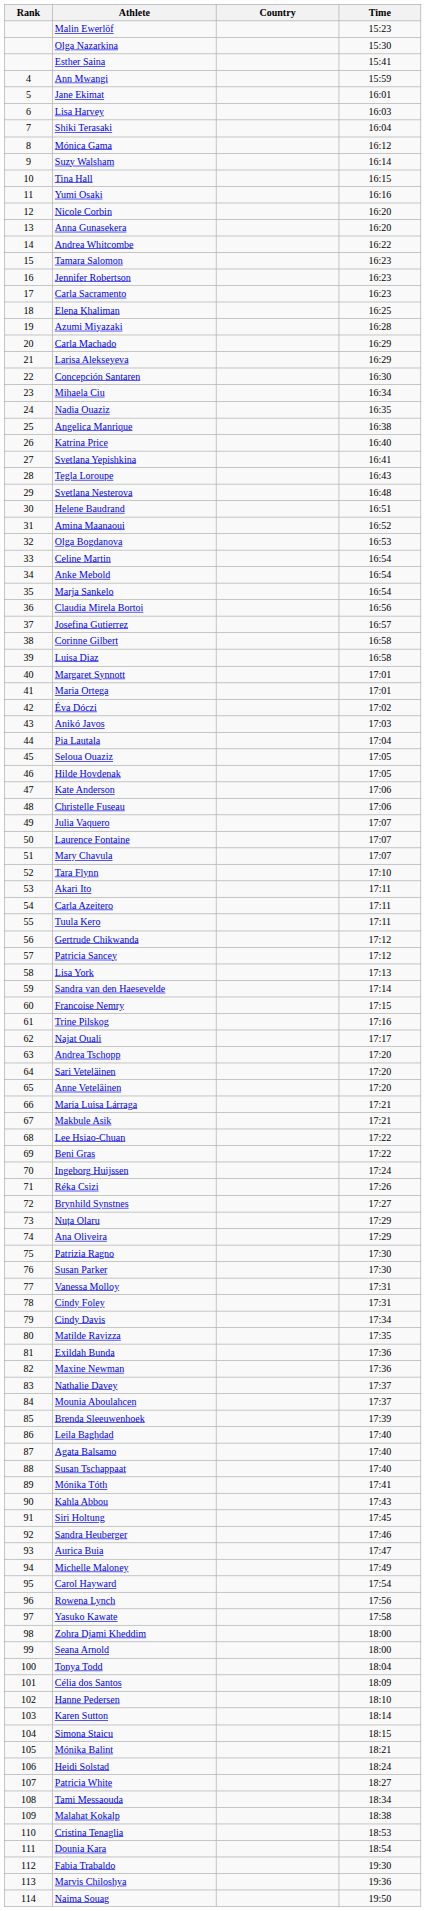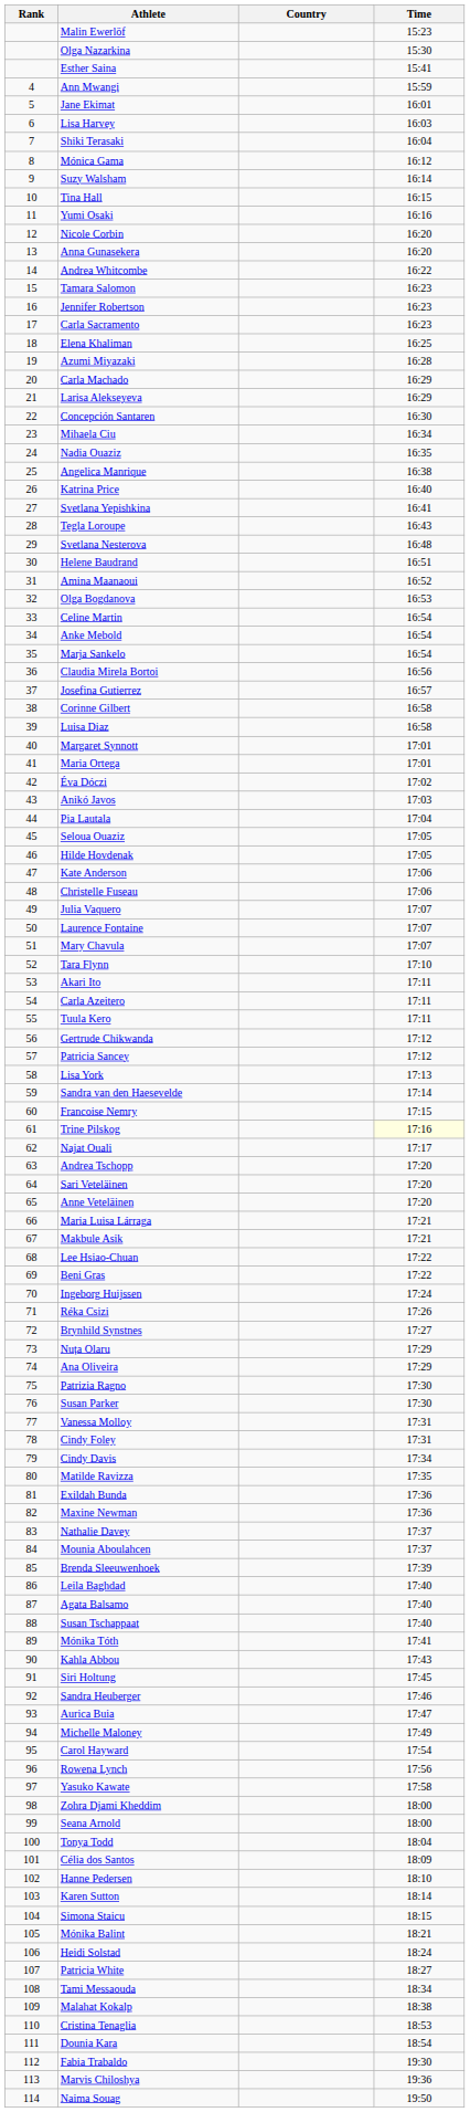 <table class="wikitable sortable" style=" text-align:center; font-size:95%;" width="50%">
 <tr>
 <th width=5%>Rank</th>
 <th width=20%>Athlete</th>
 <th width=15%>Country</th>
 <th width=10%>Time</th>
 </tr>
 <tr>
 <td align=center></td>
 <td align=left><a href='#'>Malin Ewerlöf</a></td>
 <td align=left></td>
 <td>15:23</td>
 </tr>
 <tr>
 <td align=center></td>
 <td align=left><a href='#'>Olga Nazarkina</a></td>
 <td align=left></td>
 <td>15:30</td>
 </tr>
 <tr>
 <td align=center></td>
 <td align=left><a href='#'>Esther Saina</a></td>
 <td align=left></td>
 <td>15:41</td>
 </tr>
 <tr>
 <td align=center>4</td>
 <td align=left><a href='#'>Ann Mwangi</a></td>
 <td align=left></td>
 <td>15:59</td>
 </tr>
 <tr>
 <td align=center>5</td>
 <td align=left><a href='#'>Jane Ekimat</a></td>
 <td align=left></td>
 <td>16:01</td>
 </tr>
 <tr>
 <td align=center>6</td>
 <td align=left><a href='#'>Lisa Harvey</a></td>
 <td align=left></td>
 <td>16:03</td>
 </tr>
 <tr>
 <td align=center>7</td>
 <td align=left><a href='#'>Shiki Terasaki</a></td>
 <td align=left></td>
 <td>16:04</td>
 </tr>
 <tr>
 <td align=center>8</td>
 <td align=left><a href='#'>Mónica Gama</a></td>
 <td align=left></td>
 <td>16:12</td>
 </tr>
 <tr>
 <td align=center>9</td>
 <td align=left><a href='#'>Suzy Walsham</a></td>
 <td align=left></td>
 <td>16:14</td>
 </tr>
 <tr>
 <td align=center>10</td>
 <td align=left><a href='#'>Tina Hall</a></td>
 <td align=left></td>
 <td>16:15</td>
 </tr>
 <tr>
 <td align=center>11</td>
 <td align=left><a href='#'>Yumi Osaki</a></td>
 <td align=left></td>
 <td>16:16</td>
 </tr>
 <tr>
 <td align=center>12</td>
 <td align=left><a href='#'>Nicole Corbin</a></td>
 <td align=left></td>
 <td>16:20</td>
 </tr>
 <tr>
 <td align=center>13</td>
 <td align=left><a href='#'>Anna Gunasekera</a></td>
 <td align=left></td>
 <td>16:20</td>
 </tr>
 <tr>
 <td align=center>14</td>
 <td align=left><a href='#'>Andrea Whitcombe</a></td>
 <td align=left></td>
 <td>16:22</td>
 </tr>
 <tr>
 <td align=center>15</td>
 <td align=left><a href='#'>Tamara Salomon</a></td>
 <td align=left></td>
 <td>16:23</td>
 </tr>
 <tr>
 <td align=center>16</td>
 <td align=left><a href='#'>Jennifer Robertson</a></td>
 <td align=left></td>
 <td>16:23</td>
 </tr>
 <tr>
 <td align=center>17</td>
 <td align=left><a href='#'>Carla Sacramento</a></td>
 <td align=left></td>
 <td>16:23</td>
 </tr>
 <tr>
 <td align=center>18</td>
 <td align=left><a href='#'>Elena Khaliman</a></td>
 <td align=left></td>
 <td>16:25</td>
 </tr>
 <tr>
 <td align=center>19</td>
 <td align=left><a href='#'>Azumi Miyazaki</a></td>
 <td align=left></td>
 <td>16:28</td>
 </tr>
 <tr>
 <td align=center>20</td>
 <td align=left><a href='#'>Carla Machado</a></td>
 <td align=left></td>
 <td>16:29</td>
 </tr>
 <tr>
 <td align=center>21</td>
 <td align=left><a href='#'>Larisa Alekseyeva</a></td>
 <td align=left></td>
 <td>16:29</td>
 </tr>
 <tr>
 <td align=center>22</td>
 <td align=left><a href='#'>Concepción Santaren</a></td>
 <td align=left></td>
 <td>16:30</td>
 </tr>
 <tr>
 <td align=center>23</td>
 <td align=left><a href='#'>Mihaela Ciu</a></td>
 <td align=left></td>
 <td>16:34</td>
 </tr>
 <tr>
 <td align=center>24</td>
 <td align=left><a href='#'>Nadia Ouaziz</a></td>
 <td align=left></td>
 <td>16:35</td>
 </tr>
 <tr>
 <td align=center>25</td>
 <td align=left><a href='#'>Angelica Manrique</a></td>
 <td align=left></td>
 <td>16:38</td>
 </tr>
 <tr>
 <td align=center>26</td>
 <td align=left><a href='#'>Katrina Price</a></td>
 <td align=left></td>
 <td>16:40</td>
 </tr>
 <tr>
 <td align=center>27</td>
 <td align=left><a href='#'>Svetlana Yepishkina</a></td>
 <td align=left></td>
 <td>16:41</td>
 </tr>
 <tr>
 <td align=center>28</td>
 <td align=left><a href='#'>Tegla Loroupe</a></td>
 <td align=left></td>
 <td>16:43</td>
 </tr>
 <tr>
 <td align=center>29</td>
 <td align=left><a href='#'>Svetlana Nesterova</a></td>
 <td align=left></td>
 <td>16:48</td>
 </tr>
 <tr>
 <td align=center>30</td>
 <td align=left><a href='#'>Helene Baudrand</a></td>
 <td align=left></td>
 <td>16:51</td>
 </tr>
 <tr>
 <td align=center>31</td>
 <td align=left><a href='#'>Amina Maanaoui</a></td>
 <td align=left></td>
 <td>16:52</td>
 </tr>
 <tr>
 <td align=center>32</td>
 <td align=left><a href='#'>Olga Bogdanova</a></td>
 <td align=left></td>
 <td>16:53</td>
 </tr>
 <tr>
 <td align=center>33</td>
 <td align=left><a href='#'>Celine Martin</a></td>
 <td align=left></td>
 <td>16:54</td>
 </tr>
 <tr>
 <td align=center>34</td>
 <td align=left><a href='#'>Anke Mebold</a></td>
 <td align=left></td>
 <td>16:54</td>
 </tr>
 <tr>
 <td align=center>35</td>
 <td align=left><a href='#'>Marja Sankelo</a></td>
 <td align=left></td>
 <td>16:54</td>
 </tr>
 <tr>
 <td align=center>36</td>
 <td align=left><a href='#'>Claudia Mirela Bortoi</a></td>
 <td align=left></td>
 <td>16:56</td>
 </tr>
 <tr>
 <td align=center>37</td>
 <td align=left><a href='#'>Josefina Gutierrez</a></td>
 <td align=left></td>
 <td>16:57</td>
 </tr>
 <tr>
 <td align=center>38</td>
 <td align=left><a href='#'>Corinne Gilbert</a></td>
 <td align=left></td>
 <td>16:58</td>
 </tr>
 <tr>
 <td align=center>39</td>
 <td align=left><a href='#'>Luisa Diaz</a></td>
 <td align=left></td>
 <td>16:58</td>
 </tr>
 <tr>
 <td align=center>40</td>
 <td align=left><a href='#'>Margaret Synnott</a></td>
 <td align=left></td>
 <td>17:01</td>
 </tr>
 <tr>
 <td align=center>41</td>
 <td align=left><a href='#'>Maria Ortega</a></td>
 <td align=left></td>
 <td>17:01</td>
 </tr>
 <tr>
 <td align=center>42</td>
 <td align=left><a href='#'>Éva Dóczi</a></td>
 <td align=left></td>
 <td>17:02</td>
 </tr>
 <tr>
 <td align=center>43</td>
 <td align=left><a href='#'>Anikó Javos</a></td>
 <td align=left></td>
 <td>17:03</td>
 </tr>
 <tr>
 <td align=center>44</td>
 <td align=left><a href='#'>Pia Lautala</a></td>
 <td align=left></td>
 <td>17:04</td>
 </tr>
 <tr>
 <td align=center>45</td>
 <td align=left><a href='#'>Seloua Ouaziz</a></td>
 <td align=left></td>
 <td>17:05</td>
 </tr>
 <tr>
 <td align=center>46</td>
 <td align=left><a href='#'>Hilde Hovdenak</a></td>
 <td align=left></td>
 <td>17:05</td>
 </tr>
 <tr>
 <td align=center>47</td>
 <td align=left><a href='#'>Kate Anderson</a></td>
 <td align=left></td>
 <td>17:06</td>
 </tr>
 <tr>
 <td align=center>48</td>
 <td align=left><a href='#'>Christelle Fuseau</a></td>
 <td align=left></td>
 <td>17:06</td>
 </tr>
 <tr>
 <td align=center>49</td>
 <td align=left><a href='#'>Julia Vaquero</a></td>
 <td align=left></td>
 <td>17:07</td>
 </tr>
 <tr>
 <td align=center>50</td>
 <td align=left><a href='#'>Laurence Fontaine</a></td>
 <td align=left></td>
 <td>17:07</td>
 </tr>
 <tr>
 <td align=center>51</td>
 <td align=left><a href='#'>Mary Chavula</a></td>
 <td align=left></td>
 <td>17:07</td>
 </tr>
 <tr>
 <td align=center>52</td>
 <td align=left><a href='#'>Tara Flynn</a></td>
 <td align=left></td>
 <td>17:10</td>
 </tr>
 <tr>
 <td align=center>53</td>
 <td align=left><a href='#'>Akari Ito</a></td>
 <td align=left></td>
 <td>17:11</td>
 </tr>
 <tr>
 <td align=center>54</td>
 <td align=left><a href='#'>Carla Azeitero</a></td>
 <td align=left></td>
 <td>17:11</td>
 </tr>
 <tr>
 <td align=center>55</td>
 <td align=left><a href='#'>Tuula Kero</a></td>
 <td align=left></td>
 <td>17:11</td>
 </tr>
 <tr>
 <td align=center>56</td>
 <td align=left><a href='#'>Gertrude Chikwanda</a></td>
 <td align=left></td>
 <td>17:12</td>
 </tr>
 <tr>
 <td align=center>57</td>
 <td align=left><a href='#'>Patricia Sancey</a></td>
 <td align=left></td>
 <td>17:12</td>
 </tr>
 <tr>
 <td align=center>58</td>
 <td align=left><a href='#'>Lisa York</a></td>
 <td align=left></td>
 <td>17:13</td>
 </tr>
 <tr>
 <td align=center>59</td>
 <td align=left><a href='#'>Sandra van den Haesevelde</a></td>
 <td align=left></td>
 <td>17:14</td>
 </tr>
 <tr>
 <td align=center>60</td>
 <td align=left><a href='#'>Francoise Nemry</a></td>
 <td align=left></td>
 <td>17:15</td>
 </tr>
 <tr>
 <td align=center>61</td>
 <td align=left><a href='#'>Trine Pilskog</a></td>
 <td align=left></td>
-<td>17:16</td>
+<td style="background: lightyellow;">17:16</td>
 </tr>
 <tr>
 <td align=center>62</td>
 <td align=left><a href='#'>Najat Ouali</a></td>
 <td align=left></td>
 <td>17:17</td>
 </tr>
 <tr>
 <td align=center>63</td>
 <td align=left><a href='#'>Andrea Tschopp</a></td>
 <td align=left></td>
 <td>17:20</td>
 </tr>
 <tr>
 <td align=center>64</td>
 <td align=left><a href='#'>Sari Veteläinen</a></td>
 <td align=left></td>
 <td>17:20</td>
 </tr>
 <tr>
 <td align=center>65</td>
 <td align=left><a href='#'>Anne Veteläinen</a></td>
 <td align=left></td>
 <td>17:20</td>
 </tr>
 <tr>
 <td align=center>66</td>
 <td align=left><a href='#'>Maria Luisa Lárraga</a></td>
 <td align=left></td>
 <td>17:21</td>
 </tr>
 <tr>
 <td align=center>67</td>
 <td align=left><a href='#'>Makbule Asik</a></td>
 <td align=left></td>
 <td>17:21</td>
 </tr>
 <tr>
 <td align=center>68</td>
 <td align=left><a href='#'>Lee Hsiao-Chuan</a></td>
 <td align=left></td>
 <td>17:22</td>
 </tr>
 <tr>
 <td align=center>69</td>
 <td align=left><a href='#'>Beni Gras</a></td>
 <td align=left></td>
 <td>17:22</td>
 </tr>
 <tr>
 <td align=center>70</td>
 <td align=left><a href='#'>Ingeborg Huijssen</a></td>
 <td align=left></td>
 <td>17:24</td>
 </tr>
 <tr>
 <td align=center>71</td>
 <td align=left><a href='#'>Réka Csizi</a></td>
 <td align=left></td>
 <td>17:26</td>
 </tr>
 <tr>
 <td align=center>72</td>
 <td align=left><a href='#'>Brynhild Synstnes</a></td>
 <td align=left></td>
 <td>17:27</td>
 </tr>
 <tr>
 <td align=center>73</td>
 <td align=left><a href='#'>Nuța Olaru</a></td>
 <td align=left></td>
 <td>17:29</td>
 </tr>
 <tr>
 <td align=center>74</td>
 <td align=left><a href='#'>Ana Oliveira</a></td>
 <td align=left></td>
 <td>17:29</td>
 </tr>
 <tr>
 <td align=center>75</td>
 <td align=left><a href='#'>Patrizia Ragno</a></td>
 <td align=left></td>
 <td>17:30</td>
 </tr>
 <tr>
 <td align=center>76</td>
 <td align=left><a href='#'>Susan Parker</a></td>
 <td align=left></td>
 <td>17:30</td>
 </tr>
 <tr>
 <td align=center>77</td>
 <td align=left><a href='#'>Vanessa Molloy</a></td>
 <td align=left></td>
 <td>17:31</td>
 </tr>
 <tr>
 <td align=center>78</td>
 <td align=left><a href='#'>Cindy Foley</a></td>
 <td align=left></td>
 <td>17:31</td>
 </tr>
 <tr>
 <td align=center>79</td>
 <td align=left><a href='#'>Cindy Davis</a></td>
 <td align=left></td>
 <td>17:34</td>
 </tr>
 <tr>
 <td align=center>80</td>
 <td align=left><a href='#'>Matilde Ravizza</a></td>
 <td align=left></td>
 <td>17:35</td>
 </tr>
 <tr>
 <td align=center>81</td>
 <td align=left><a href='#'>Exildah Bunda</a></td>
 <td align=left></td>
 <td>17:36</td>
 </tr>
 <tr>
 <td align=center>82</td>
 <td align=left><a href='#'>Maxine Newman</a></td>
 <td align=left></td>
 <td>17:36</td>
 </tr>
 <tr>
 <td align=center>83</td>
 <td align=left><a href='#'>Nathalie Davey</a></td>
 <td align=left></td>
 <td>17:37</td>
 </tr>
 <tr>
 <td align=center>84</td>
 <td align=left><a href='#'>Mounia Aboulahcen</a></td>
 <td align=left></td>
 <td>17:37</td>
 </tr>
 <tr>
 <td align=center>85</td>
 <td align=left><a href='#'>Brenda Sleeuwenhoek</a></td>
 <td align=left></td>
 <td>17:39</td>
 </tr>
 <tr>
 <td align=center>86</td>
 <td align=left><a href='#'>Leila Baghdad</a></td>
 <td align=left></td>
 <td>17:40</td>
 </tr>
 <tr>
 <td align=center>87</td>
 <td align=left><a href='#'>Agata Balsamo</a></td>
 <td align=left></td>
 <td>17:40</td>
 </tr>
 <tr>
 <td align=center>88</td>
 <td align=left><a href='#'>Susan Tschappaat</a></td>
 <td align=left></td>
 <td>17:40</td>
 </tr>
 <tr>
 <td align=center>89</td>
 <td align=left><a href='#'>Mónika Tóth</a></td>
 <td align=left></td>
 <td>17:41</td>
 </tr>
 <tr>
 <td align=center>90</td>
 <td align=left><a href='#'>Kahla Abbou</a></td>
 <td align=left></td>
 <td>17:43</td>
 </tr>
 <tr>
 <td align=center>91</td>
 <td align=left><a href='#'>Siri Holtung</a></td>
 <td align=left></td>
 <td>17:45</td>
 </tr>
 <tr>
 <td align=center>92</td>
 <td align=left><a href='#'>Sandra Heuberger</a></td>
 <td align=left></td>
 <td>17:46</td>
 </tr>
 <tr>
 <td align=center>93</td>
 <td align=left><a href='#'>Aurica Buia</a></td>
 <td align=left></td>
 <td>17:47</td>
 </tr>
 <tr>
 <td align=center>94</td>
 <td align=left><a href='#'>Michelle Maloney</a></td>
 <td align=left></td>
 <td>17:49</td>
 </tr>
 <tr>
 <td align=center>95</td>
 <td align=left><a href='#'>Carol Hayward</a></td>
 <td align=left></td>
 <td>17:54</td>
 </tr>
 <tr>
 <td align=center>96</td>
 <td align=left><a href='#'>Rowena Lynch</a></td>
 <td align=left></td>
 <td>17:56</td>
 </tr>
 <tr>
 <td align=center>97</td>
 <td align=left><a href='#'>Yasuko Kawate</a></td>
 <td align=left></td>
 <td>17:58</td>
 </tr>
 <tr>
 <td align=center>98</td>
 <td align=left><a href='#'>Zohra Djami Kheddim</a></td>
 <td align=left></td>
 <td>18:00</td>
 </tr>
 <tr>
 <td align=center>99</td>
 <td align=left><a href='#'>Seana Arnold</a></td>
 <td align=left></td>
 <td>18:00</td>
 </tr>
 <tr>
 <td align=center>100</td>
 <td align=left><a href='#'>Tonya Todd</a></td>
 <td align=left></td>
 <td>18:04</td>
 </tr>
 <tr>
 <td align=center>101</td>
 <td align=left><a href='#'>Célia dos Santos</a></td>
 <td align=left></td>
 <td>18:09</td>
 </tr>
 <tr>
 <td align=center>102</td>
 <td align=left><a href='#'>Hanne Pedersen</a></td>
 <td align=left></td>
 <td>18:10</td>
 </tr>
 <tr>
 <td align=center>103</td>
 <td align=left><a href='#'>Karen Sutton</a></td>
 <td align=left></td>
 <td>18:14</td>
 </tr>
 <tr>
 <td align=center>104</td>
 <td align=left><a href='#'>Simona Staicu</a></td>
 <td align=left></td>
 <td>18:15</td>
 </tr>
 <tr>
 <td align=center>105</td>
 <td align=left><a href='#'>Mónika Balint</a></td>
 <td align=left></td>
 <td>18:21</td>
 </tr>
 <tr>
 <td align=center>106</td>
 <td align=left><a href='#'>Heidi Solstad</a></td>
 <td align=left></td>
 <td>18:24</td>
 </tr>
 <tr>
 <td align=center>107</td>
 <td align=left><a href='#'>Patricia White</a></td>
 <td align=left></td>
 <td>18:27</td>
 </tr>
 <tr>
 <td align=center>108</td>
 <td align=left><a href='#'>Tami Messaouda</a></td>
 <td align=left></td>
 <td>18:34</td>
 </tr>
 <tr>
 <td align=center>109</td>
 <td align=left><a href='#'>Malahat Kokalp</a></td>
 <td align=left></td>
 <td>18:38</td>
 </tr>
 <tr>
 <td align=center>110</td>
 <td align=left><a href='#'>Cristina Tenaglia</a></td>
 <td align=left></td>
 <td>18:53</td>
 </tr>
 <tr>
 <td align=center>111</td>
 <td align=left><a href='#'>Dounia Kara</a></td>
 <td align=left></td>
 <td>18:54</td>
 </tr>
 <tr>
 <td align=center>112</td>
 <td align=left><a href='#'>Fabia Trabaldo</a></td>
 <td align=left></td>
 <td>19:30</td>
 </tr>
 <tr>
 <td align=center>113</td>
 <td align=left><a href='#'>Marvis Chiloshya</a></td>
 <td align=left></td>
 <td>19:36</td>
 </tr>
 <tr>
 <td align=center>114</td>
 <td align=left><a href='#'>Naima Souag</a></td>
 <td align=left></td>
 <td>19:50</td>
 </tr>
 </table>
